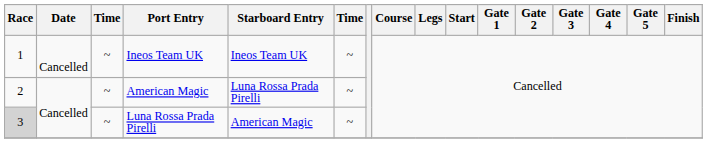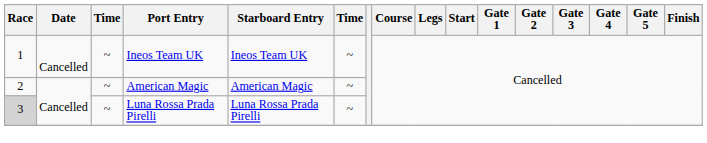 <table class="wikitable" style="font-size:8pt;line-height:1;text-align: center;">
 <tr>
 <th>Race</th>
 <th>Date</th>
 <th>Time</th>
 <th>Port Entry</th>
 <th>Starboard Entry</th>
 <th>Time</th>
 <th rowspan="4"></th>
 <th>Course</th>
 <th>Legs</th>
 <th>Start</th>
 <th>Gate 1</th>
 <th>Gate 2</th>
 <th>Gate 3</th>
 <th>Gate 4</th>
 <th>Gate 5</th>
 <th>Finish</th>
 </tr>
 <tr>
 <td>1</td>
 <td> <br>  <br> Cancelled</td>
 <td>~</td>
 <td style="text-align: left;"> <a href='#'>Ineos Team UK</a></td>
 <td style="text-align: left;"> <a href='#'>Ineos Team UK</a></td>
 <td>~</td>
 <td colspan="9" rowspan="3">Cancelled</td>
 </tr>
 <tr>
 <td>2</td>
 <td Rowspan="2"> <br> Cancelled</td>
 <td>~</td>
 <td style="text-align: left;"> <a href='#'>American Magic</a></td>
-<td style="text-align: left;"> <a href='#'>Luna Rossa Prada Pirelli</a></td>
+<td style="text-align: left;"> <a href='#'>American Magic</a></td>
 <td>~</td>
 </tr>
 <tr>
 <td style="background: lightgrey;">3</td>
 <td>~</td>
 <td style="text-align: left;"> <a href='#'>Luna Rossa Prada Pirelli</a></td>
-<td style="text-align: left;"> <a href='#'>American Magic</a></td>
+<td style="text-align: left;"> <a href='#'>Luna Rossa Prada Pirelli</a></td>
 <td>~</td>
 </tr>
 <tr>
 </tr>
 </table>
